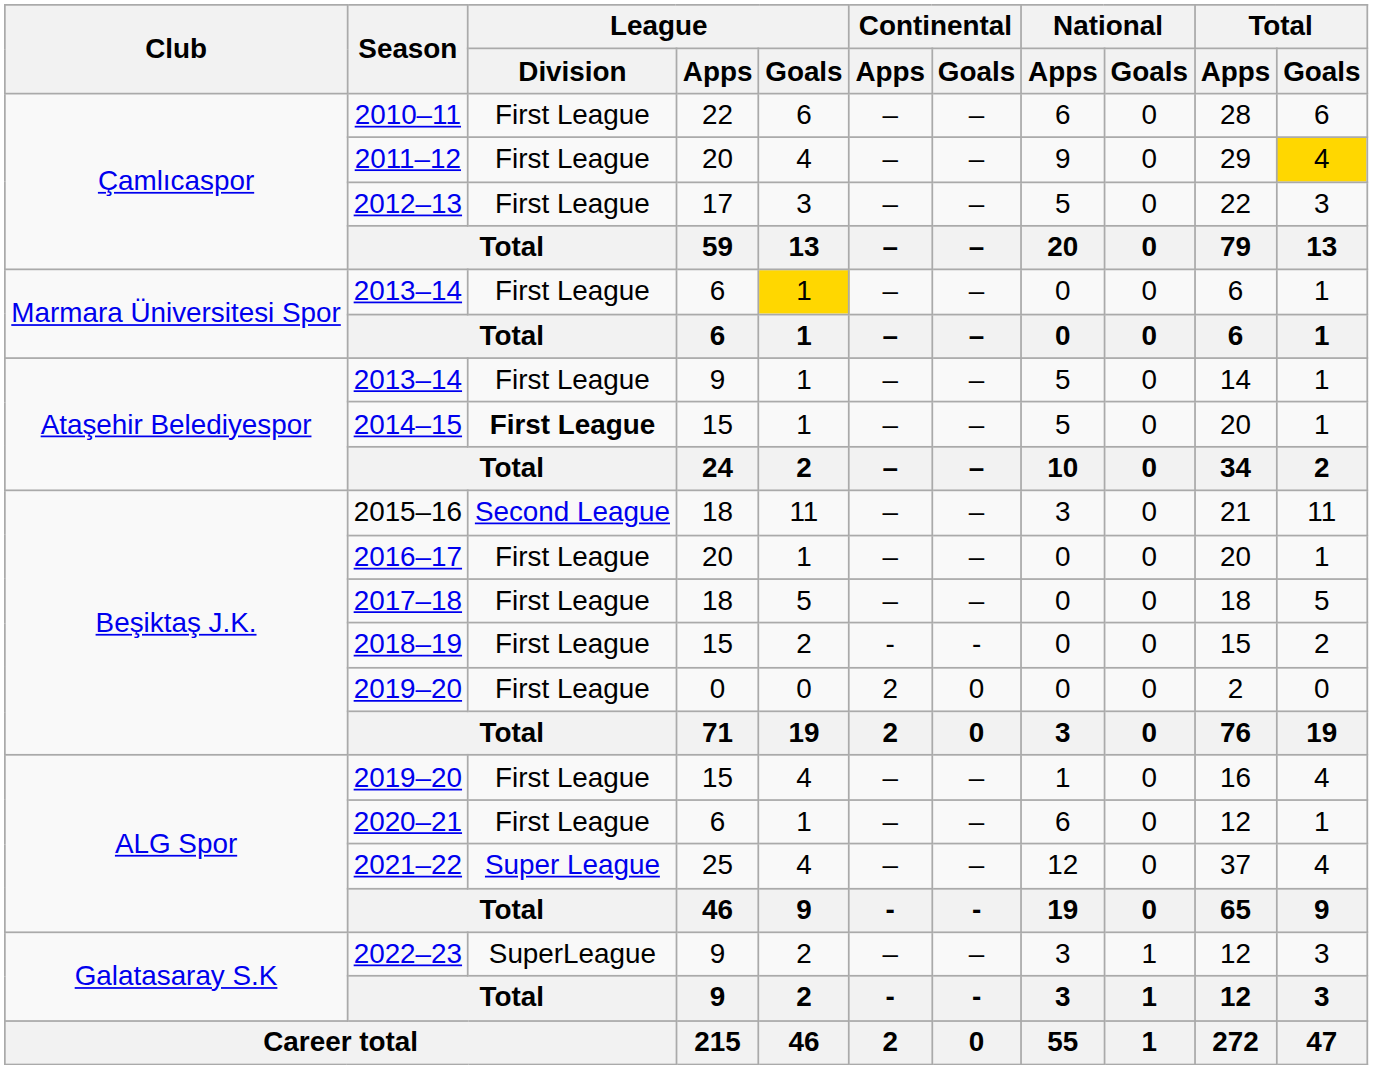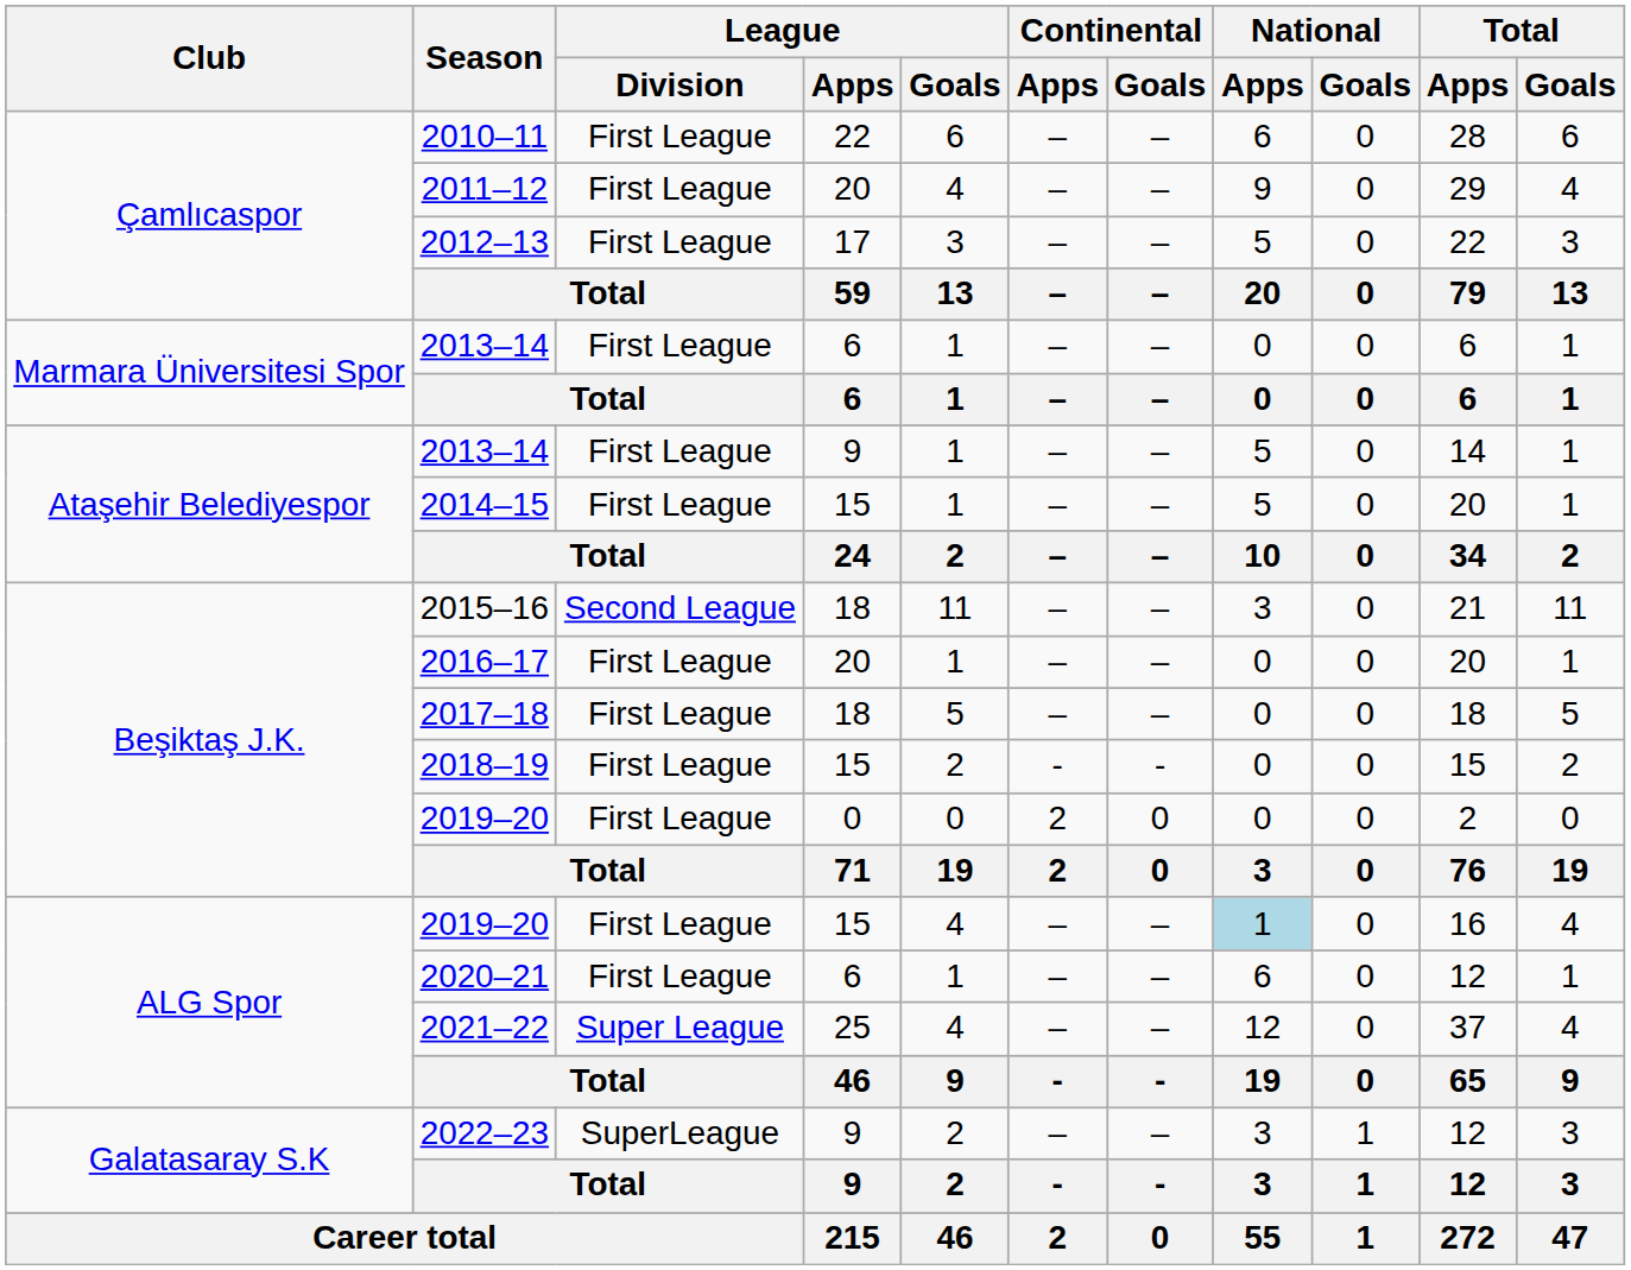 <table class="wikitable" style="text-align: center;">
 <tr>
 <th rowspan=2>Club</th>
 <th rowspan=2>Season</th>
 <th colspan=3>League</th>
 <th colspan=2>Continental</th>
 <th colspan=2>National</th>
 <th colspan=2>Total</th>
 </tr>
 <tr>
 <th>Division</th>
 <th>Apps</th>
 <th>Goals</th>
 <th>Apps</th>
 <th>Goals</th>
 <th>Apps</th>
 <th>Goals</th>
 <th>Apps</th>
 <th>Goals</th>
 </tr>
 <tr>
 <td rowspan=4><a href='#'>Çamlıcaspor</a></td>
 <td><a href='#'>2010–11</a></td>
 <td>First League</td>
 <td>22</td>
 <td>6</td>
 <td>–</td>
 <td>–</td>
 <td>6</td>
 <td>0</td>
 <td>28</td>
 <td>6</td>
 </tr>
 <tr>
 <td><a href='#'>2011–12</a></td>
 <td>First League</td>
 <td>20</td>
 <td>4</td>
 <td>–</td>
 <td>–</td>
 <td>9</td>
 <td>0</td>
 <td>29</td>
-<td style="background: gold;">4</td>
+<td>4</td>
 </tr>
 <tr>
 <td><a href='#'>2012–13</a></td>
 <td>First League</td>
 <td>17</td>
 <td>3</td>
 <td>–</td>
 <td>–</td>
 <td>5</td>
 <td>0</td>
 <td>22</td>
 <td>3</td>
 </tr>
 <tr>
 <th colspan=2>Total</th>
 <th>59</th>
 <th>13</th>
 <th>–</th>
 <th>–</th>
 <th>20</th>
 <th>0</th>
 <th>79</th>
 <th>13</th>
 </tr>
 <tr>
 <td rowspan=2><a href='#'>Marmara Üniversitesi Spor</a></td>
 <td><a href='#'>2013–14</a></td>
 <td>First League</td>
 <td>6</td>
-<td style="background: gold;">1</td>
+<td>1</td>
 <td>–</td>
 <td>–</td>
 <td>0</td>
 <td>0</td>
 <td>6</td>
 <td>1</td>
 </tr>
 <tr>
 <th colspan=2>Total</th>
 <th>6</th>
 <th>1</th>
 <th>–</th>
 <th>–</th>
 <th>0</th>
 <th>0</th>
 <th>6</th>
 <th>1</th>
 </tr>
 <tr>
 <td rowspan=3><a href='#'>Ataşehir Belediyespor</a></td>
 <td><a href='#'>2013–14</a></td>
 <td>First League</td>
 <td>9</td>
 <td>1</td>
 <td>–</td>
 <td>–</td>
 <td>5</td>
 <td>0</td>
 <td>14</td>
 <td>1</td>
 </tr>
 <tr>
 <td><a href='#'>2014–15</a></td>
-<td><strong>First League</strong></td>
+<td>First League</td>
 <td>15</td>
 <td>1</td>
 <td>–</td>
 <td>–</td>
 <td>5</td>
 <td>0</td>
 <td>20</td>
 <td>1</td>
 </tr>
 <tr>
 <th colspan=2>Total</th>
 <th>24</th>
 <th>2</th>
 <th>–</th>
 <th>–</th>
 <th>10</th>
 <th>0</th>
 <th>34</th>
 <th>2</th>
 </tr>
 <tr>
 <td rowspan=6><a href='#'>Beşiktaş J.K.</a></td>
 <td>2015–16</td>
 <td><a href='#'>Second League</a></td>
 <td>18</td>
 <td>11</td>
 <td>–</td>
 <td>–</td>
 <td>3</td>
 <td>0</td>
 <td>21</td>
 <td>11</td>
 </tr>
 <tr>
 <td><a href='#'>2016–17</a></td>
 <td>First League</td>
 <td>20</td>
 <td>1</td>
 <td>–</td>
 <td>–</td>
 <td>0</td>
 <td>0</td>
 <td>20</td>
 <td>1</td>
 </tr>
 <tr>
 <td><a href='#'>2017–18</a></td>
 <td>First League</td>
 <td>18</td>
 <td>5</td>
 <td>–</td>
 <td>–</td>
 <td>0</td>
 <td>0</td>
 <td>18</td>
 <td>5</td>
 </tr>
 <tr>
 <td><a href='#'>2018–19</a></td>
 <td>First League</td>
 <td>15</td>
 <td>2</td>
 <td>-</td>
 <td>-</td>
 <td>0</td>
 <td>0</td>
 <td>15</td>
 <td>2</td>
 </tr>
 <tr>
 <td><a href='#'>2019–20</a></td>
 <td>First League</td>
 <td>0</td>
 <td>0</td>
 <td>2</td>
 <td>0</td>
 <td>0</td>
 <td>0</td>
 <td>2</td>
 <td>0</td>
 </tr>
 <tr>
 <th colspan=2>Total</th>
 <th>71</th>
 <th>19</th>
 <th>2</th>
 <th>0</th>
 <th>3</th>
 <th>0</th>
 <th>76</th>
 <th>19</th>
 </tr>
 <tr>
 <td rowspan=4><a href='#'>ALG Spor</a></td>
 <td><a href='#'>2019–20</a></td>
 <td>First League</td>
 <td>15</td>
 <td>4</td>
 <td>–</td>
 <td>–</td>
-<td>1</td>
+<td style="background: lightblue;">1</td>
 <td>0</td>
 <td>16</td>
 <td>4</td>
 </tr>
 <tr>
 <td><a href='#'>2020–21</a></td>
 <td>First League</td>
 <td>6</td>
 <td>1</td>
 <td>–</td>
 <td>–</td>
 <td>6</td>
 <td>0</td>
 <td>12</td>
 <td>1</td>
 </tr>
 <tr>
 <td><a href='#'>2021–22</a></td>
 <td><a href='#'>Super League</a></td>
 <td>25</td>
 <td>4</td>
 <td>–</td>
 <td>–</td>
 <td>12</td>
 <td>0</td>
 <td>37</td>
 <td>4</td>
 </tr>
 <tr>
 <th colspan=2>Total</th>
 <th>46</th>
 <th>9</th>
 <th>-</th>
 <th>-</th>
 <th>19</th>
 <th>0</th>
 <th>65</th>
 <th>9</th>
 </tr>
 <tr>
 <td rowspan=2><a href='#'>Galatasaray S.K</a></td>
 <td><a href='#'>2022–23</a></td>
 <td>SuperLeague</td>
 <td>9</td>
 <td>2</td>
 <td>–</td>
 <td>–</td>
 <td>3</td>
 <td>1</td>
 <td>12</td>
 <td>3</td>
 </tr>
 <tr>
 <th colspan=2>Total</th>
 <th>9</th>
 <th>2</th>
 <th>-</th>
 <th>-</th>
 <th>3</th>
 <th>1</th>
 <th>12</th>
 <th>3</th>
 </tr>
 <tr>
 <th colspan=3>Career total</th>
 <th>215</th>
 <th>46</th>
 <th>2</th>
 <th>0</th>
 <th>55</th>
 <th>1</th>
 <th>272</th>
 <th>47</th>
 </tr>
 </table>
